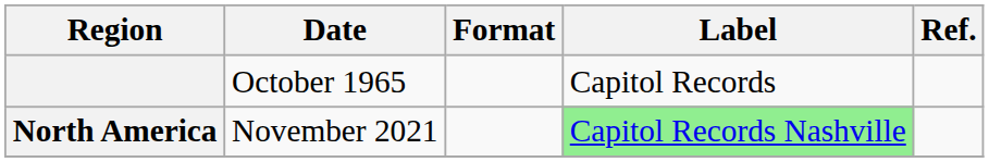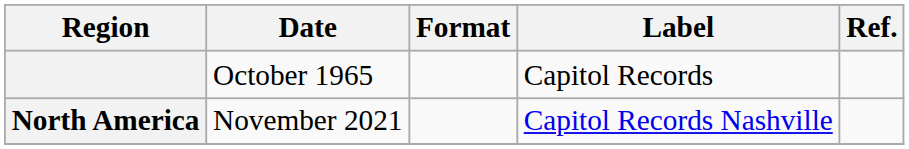 <table class="wikitable plainrowheaders">
 <tr>
 <th scope="col">Region</th>
 <th scope="col">Date</th>
 <th scope="col">Format</th>
 <th scope="col">Label</th>
 <th scope="col">Ref.</th>
 </tr>
 <tr>
 <th scope="row"></th>
 <td>October 1965</td>
 <td></td>
 <td>Capitol Records</td>
 <td></td>
 </tr>
 <tr>
 <th scope="row">North America</th>
 <td>November 2021</td>
 <td></td>
-<td style="background: lightgreen;"><a href='#'>Capitol Records Nashville</a></td>
+<td><a href='#'>Capitol Records Nashville</a></td>
 <td></td>
 </tr>
 <tr>
 </tr>
 </table>
